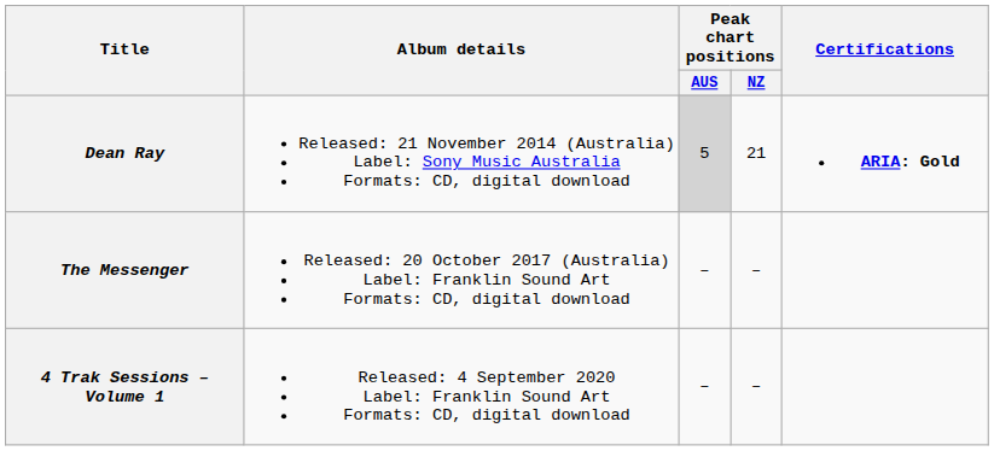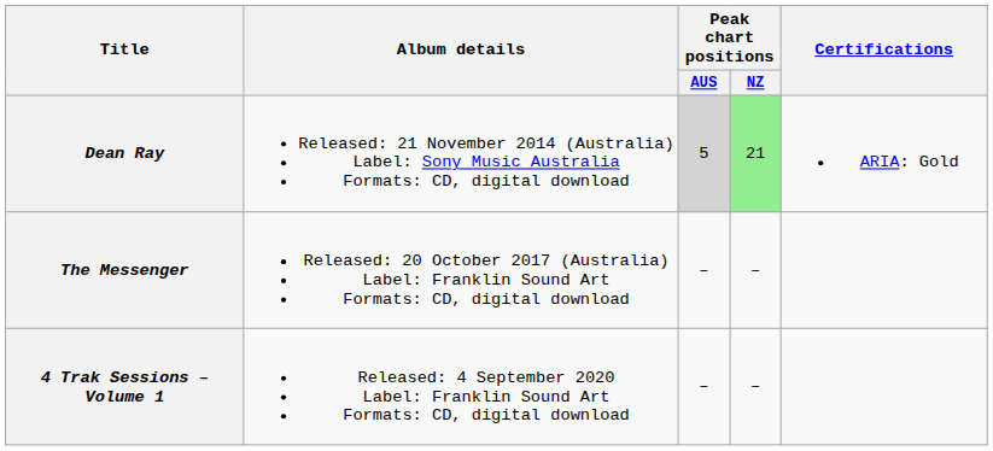 <table class="wikitable plainrowheaders" style="text-align:center;">
 <tr>
 <th scope="col" rowspan="2" style="width:14em;">Title</th>
 <th scope="col" rowspan="2">Album details</th>
 <th scope="col" colspan="2">Peak chart positions</th>
 <th scope="col" rowspan="2" style="width:12em;"><a href='#'>Certifications</a></th>
 </tr>
 <tr>
 <th scope="col" style="width:3em;font-size:90%;"><a href='#'>AUS</a><br></th>
 <th scope="col" style="width:3em;font-size:90%;"><a href='#'>NZ</a><br></th>
 </tr>
 <tr>
 <th scope="row"><em>Dean Ray</em></th>
 <td><br><ul><li>Released: 21 November 2014 <span>(Australia)</span></li><li>Label: <a href='#'>Sony Music Australia</a></li><li>Formats: CD, digital download</li></ul></td>
 <td style="background: lightgrey;">5</td>
-<td>21</td>
-<td><strong><br><ul><li><a href='#'>ARIA</a>: Gold</li></ul></strong></td>
+<td style="background: lightgreen;">21</td>
+<td><br><ul><li><a href='#'>ARIA</a>: Gold</li></ul></td>
 </tr>
 <tr>
 <th scope="row"><em>The Messenger</em></th>
 <td><br><ul><li>Released: 20 October 2017 <span>(Australia)</span></li><li>Label: Franklin Sound Art</li><li>Formats: CD, digital download</li></ul></td>
 <td>–</td>
 <td>–</td>
 <td></td>
 </tr>
 <tr>
 <th scope="row"><em>4 Trak Sessions – Volume 1</em></th>
 <td><br><ul><li>Released: 4 September 2020</li><li>Label: Franklin Sound Art</li><li>Formats: CD, digital download</li></ul></td>
 <td>–</td>
 <td>–</td>
 <td></td>
 </tr>
 </table>
